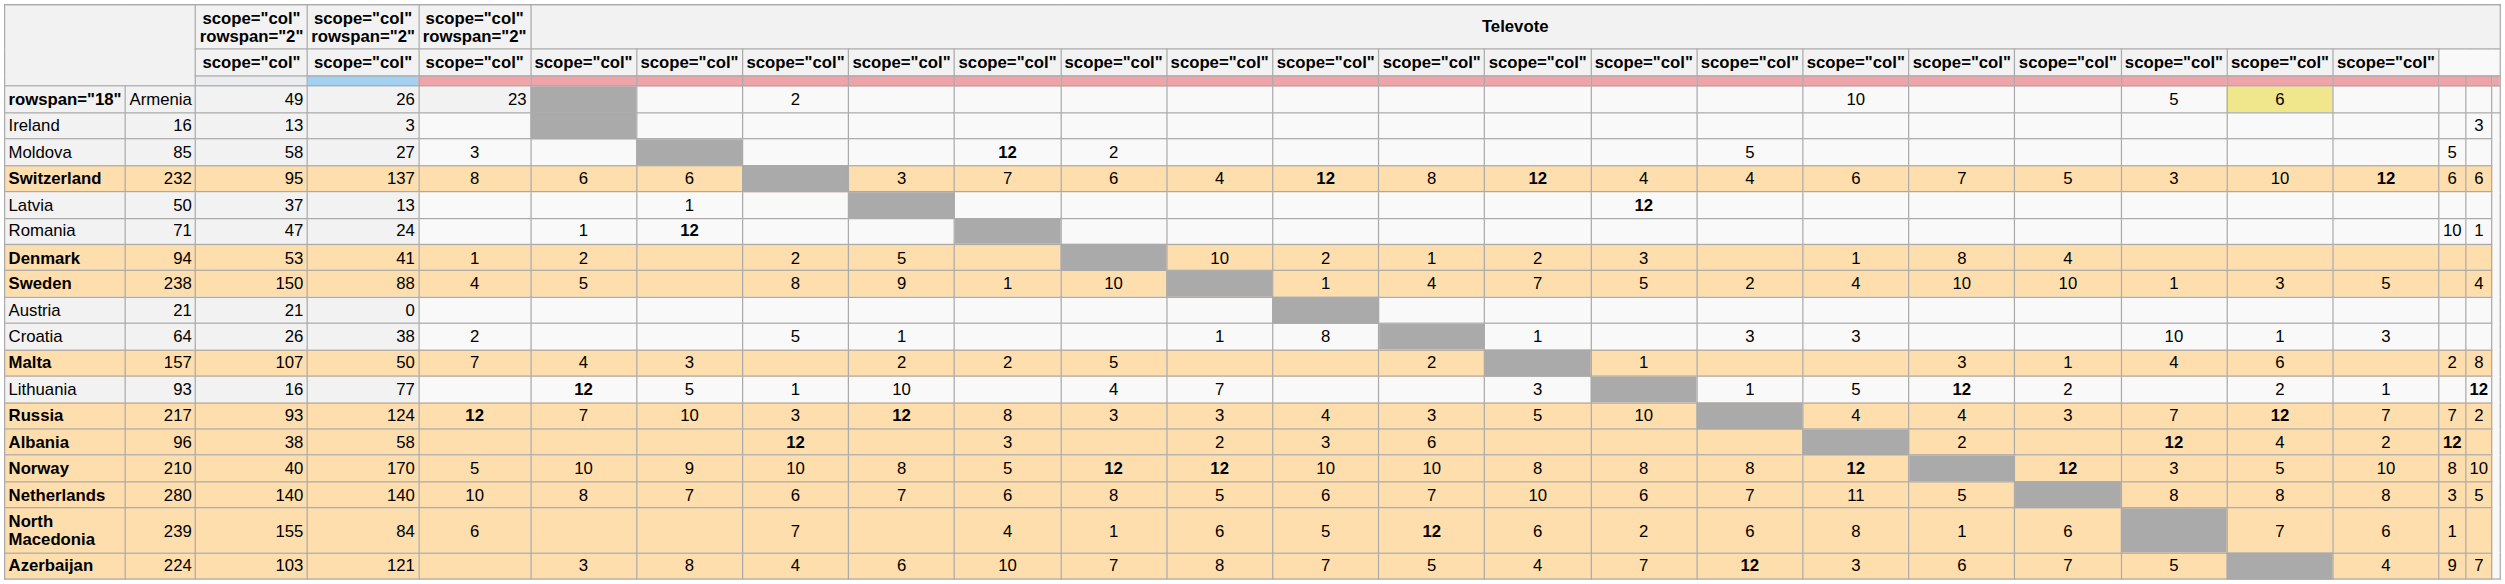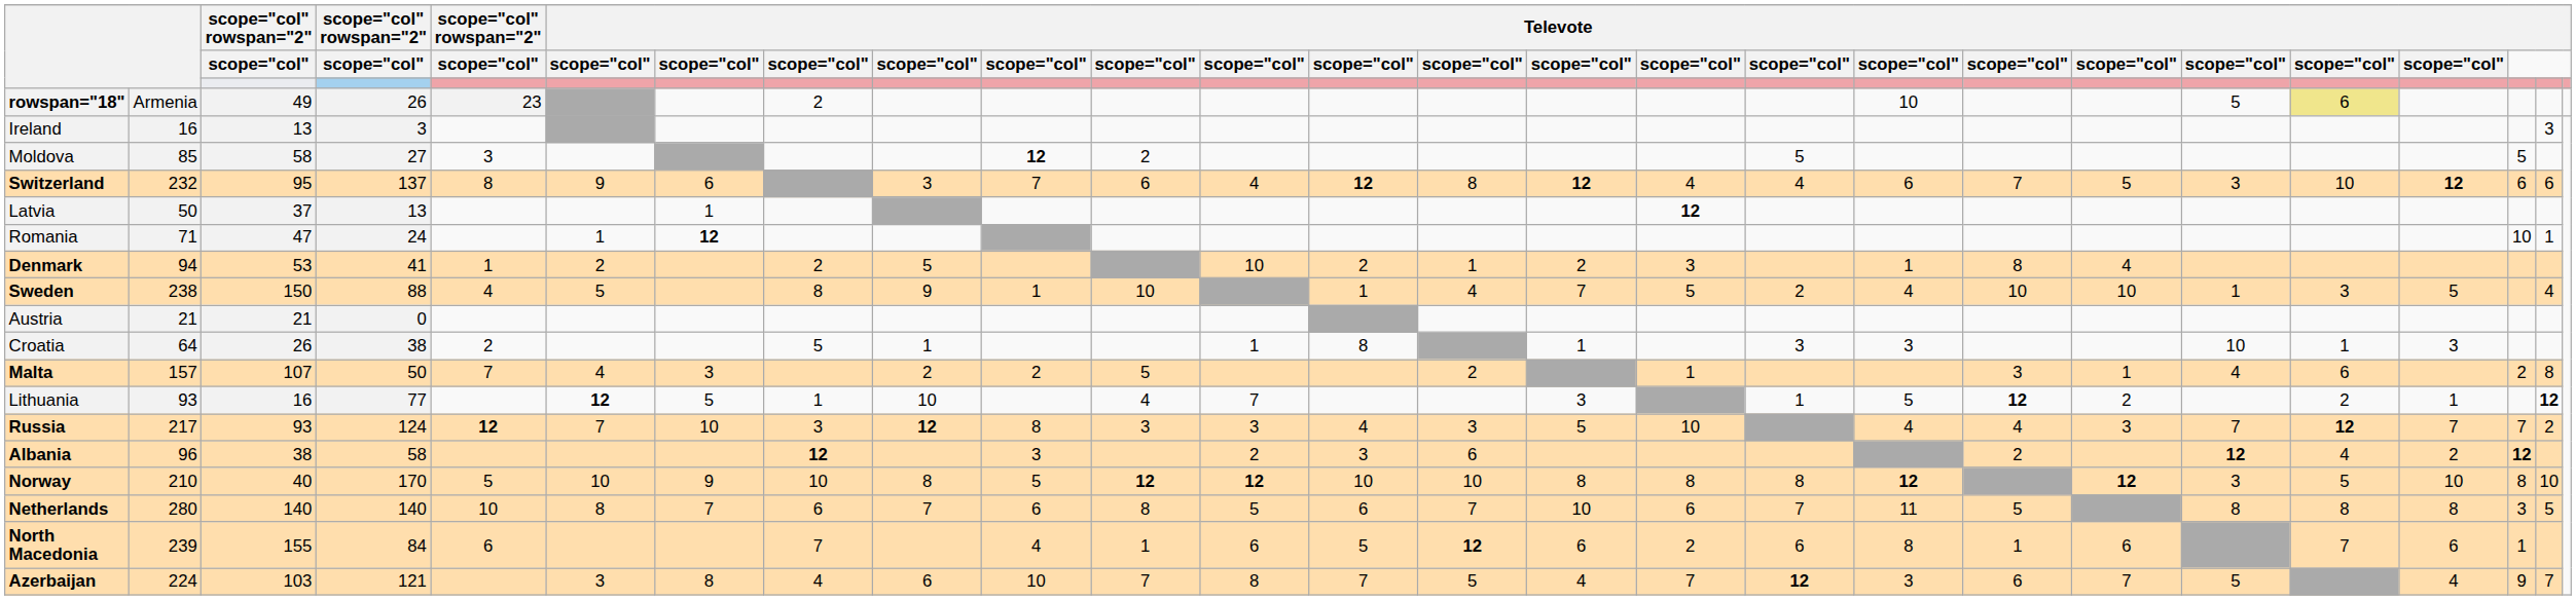 <table class="wikitable plainrowheaders" style="text-align:center; font-size:85%;">
 <tr>
 </tr>
 <tr>
 <td colspan="2" rowspan="3" style="background: #F2F2F2;"></td>
 <th>scope="col" rowspan="2" </th>
 <th>scope="col" rowspan="2" </th>
 <th>scope="col" rowspan="2" </th>
 <th scope="col" colspan="21">Televote</th>
 </tr>
 <tr>
 <th>scope="col" </th>
 <th>scope="col" </th>
 <th>scope="col" </th>
 <th>scope="col" </th>
 <th>scope="col" </th>
 <th>scope="col" </th>
 <th>scope="col" </th>
 <th>scope="col" </th>
 <th>scope="col" </th>
 <th>scope="col" </th>
 <th>scope="col" </th>
 <th>scope="col" </th>
 <th>scope="col" </th>
 <th>scope="col" </th>
 <th>scope="col" </th>
 <th>scope="col" </th>
 <th>scope="col" </th>
 <th>scope="col" </th>
 <th>scope="col" </th>
 <th>scope="col" </th>
 <th>scope="col" </th>
 </tr>
 <tr>
 <td style="height:2px; background:#eaecf0; border-top:1px solid transparent;"></td>
 <td style="background:#A4D1EF;"></td>
 <td style="background:#EFA4A9;"></td>
 <th style="background:#EFA4A9;"></th>
 <th style="background:#EFA4A9;"></th>
 <th style="background:#EFA4A9;"></th>
 <th style="background:#EFA4A9;"></th>
 <th style="background:#EFA4A9;"></th>
 <th style="background:#EFA4A9;"></th>
 <th style="background:#EFA4A9;"></th>
 <th style="background:#EFA4A9;"></th>
 <th style="background:#EFA4A9;"></th>
 <th style="background:#EFA4A9;"></th>
 <th style="background:#EFA4A9;"></th>
 <th style="background:#EFA4A9;"></th>
 <th style="background:#EFA4A9;"></th>
 <th style="background:#EFA4A9;"></th>
 <th style="background:#EFA4A9;"></th>
 <th style="background:#EFA4A9;"></th>
 <th style="background:#EFA4A9;"></th>
 <th style="background:#EFA4A9;"></th>
 <th style="background:#EFA4A9;"></th>
 <th style="background:#EFA4A9;"></th>
 <th style="background:#EFA4A9;"></th>
 </tr>
 <tr>
 <th>rowspan="18" </th>
 <td scope="row" style="text-align:left; background:#f2f2f2;">Armenia</td>
 <td style="text-align:right; background:#f2f2f2;">49</td>
 <td style="text-align:right; background:#f2f2f2;">26</td>
 <td style="text-align:right; background:#f2f2f2;">23</td>
 <td style="text-align:left; background:#aaa;"></td>
 <td></td>
 <td>2</td>
 <td></td>
 <td></td>
 <td></td>
 <td></td>
 <td></td>
 <td></td>
 <td></td>
 <td></td>
 <td></td>
 <td>10</td>
 <td></td>
 <td></td>
 <td>5</td>
 <td style="background: khaki;">6</td>
 <td></td>
 <td></td>
 <td></td>
 <td></td>
 </tr>
 <tr>
 <td scope="row" style="text-align:left; background:#f2f2f2;">Ireland</td>
 <td style="text-align:right; background:#f2f2f2;">16</td>
 <td style="text-align:right; background:#f2f2f2;">13</td>
 <td style="text-align:right; background:#f2f2f2;">3</td>
 <td></td>
 <td style="text-align:left; background:#aaa;"></td>
 <td></td>
 <td></td>
 <td></td>
 <td></td>
 <td></td>
 <td></td>
 <td></td>
 <td></td>
 <td></td>
 <td></td>
 <td></td>
 <td></td>
 <td></td>
 <td></td>
 <td></td>
 <td></td>
 <td></td>
 <td></td>
 <td>3</td>
 </tr>
 <tr>
 <td scope="row" style="text-align:left; background:#f2f2f2;">Moldova</td>
 <td style="text-align:right; background:#f2f2f2;">85</td>
 <td style="text-align:right; background:#f2f2f2;">58</td>
 <td style="text-align:right; background:#f2f2f2;">27</td>
 <td>3</td>
 <td></td>
 <td style="text-align:left; background:#aaa;"></td>
 <td></td>
 <td></td>
 <td><strong>12</strong></td>
 <td>2</td>
 <td></td>
 <td></td>
 <td></td>
 <td></td>
 <td></td>
 <td>5</td>
 <td></td>
 <td></td>
 <td></td>
 <td></td>
 <td></td>
 <td></td>
 <td>5</td>
 <td></td>
 </tr>
 <tr style="background:#ffdead;">
 <td scope="row" style="text-align:left; font-weight:bold; background:#ffdead;">Switzerland</td>
 <td style="text-align:right;">232</td>
 <td style="text-align:right;">95</td>
 <td style="text-align:right;">137</td>
 <td>8</td>
-<td>6</td>
+<td>9</td>
 <td>6</td>
 <td style="text-align:left; background:#aaa;"></td>
 <td>3</td>
 <td>7</td>
 <td>6</td>
 <td>4</td>
 <td><strong>12</strong></td>
 <td>8</td>
 <td><strong>12</strong></td>
 <td>4</td>
 <td>4</td>
 <td>6</td>
 <td>7</td>
 <td>5</td>
 <td>3</td>
 <td>10</td>
 <td><strong>12</strong></td>
 <td>6</td>
 <td>6</td>
 </tr>
 <tr>
 <td scope="row" style="text-align:left; background:#f2f2f2;">Latvia</td>
 <td style="text-align:right; background:#f2f2f2;">50</td>
 <td style="text-align:right; background:#f2f2f2;">37</td>
 <td style="text-align:right; background:#f2f2f2;">13</td>
 <td></td>
 <td></td>
 <td>1</td>
 <td></td>
 <td style="text-align:left; background:#aaa;"></td>
 <td></td>
 <td></td>
 <td></td>
 <td></td>
 <td></td>
 <td></td>
 <td><strong>12</strong></td>
 <td></td>
 <td></td>
 <td></td>
 <td></td>
 <td></td>
 <td></td>
 <td></td>
 <td></td>
 <td></td>
 </tr>
 <tr>
 <td scope="row" style="text-align:left; background:#f2f2f2;">Romania</td>
 <td style="text-align:right; background:#f2f2f2;">71</td>
 <td style="text-align:right; background:#f2f2f2;">47</td>
 <td style="text-align:right; background:#f2f2f2;">24</td>
 <td></td>
 <td>1</td>
 <td><strong>12</strong></td>
 <td></td>
 <td></td>
 <td style="text-align:left; background:#aaa;"></td>
 <td></td>
 <td></td>
 <td></td>
 <td></td>
 <td></td>
 <td></td>
 <td></td>
 <td></td>
 <td></td>
 <td></td>
 <td></td>
 <td></td>
 <td></td>
 <td>10</td>
 <td>1</td>
 </tr>
 <tr style="background:#ffdead;">
 <td scope="row" style="text-align:left; font-weight:bold; background:#ffdead;">Denmark</td>
 <td style="text-align:right;">94</td>
 <td style="text-align:right;">53</td>
 <td style="text-align:right;">41</td>
 <td>1</td>
 <td>2</td>
 <td></td>
 <td>2</td>
 <td>5</td>
 <td></td>
 <td style="text-align:left; background:#aaa;"></td>
 <td>10</td>
 <td>2</td>
 <td>1</td>
 <td>2</td>
 <td>3</td>
 <td></td>
 <td>1</td>
 <td>8</td>
 <td>4</td>
 <td></td>
 <td></td>
 <td></td>
 <td></td>
 <td></td>
 </tr>
 <tr style="background:#ffdead;">
 <td scope="row" style="text-align:left; font-weight:bold; background:#ffdead;">Sweden</td>
 <td style="text-align:right;">238</td>
 <td style="text-align:right;">150</td>
 <td style="text-align:right;">88</td>
 <td>4</td>
 <td>5</td>
 <td></td>
 <td>8</td>
 <td>9</td>
 <td>1</td>
 <td>10</td>
 <td style="text-align:left; background:#aaa;"></td>
 <td>1</td>
 <td>4</td>
 <td>7</td>
 <td>5</td>
 <td>2</td>
 <td>4</td>
 <td>10</td>
 <td>10</td>
 <td>1</td>
 <td>3</td>
 <td>5</td>
 <td></td>
 <td>4</td>
 </tr>
 <tr>
 <td scope="row" style="text-align:left; background:#f2f2f2;">Austria</td>
 <td style="text-align:right; background:#f2f2f2;">21</td>
 <td style="text-align:right; background:#f2f2f2;">21</td>
 <td style="text-align:right; background:#f2f2f2;">0</td>
 <td></td>
 <td></td>
 <td></td>
 <td></td>
 <td></td>
 <td></td>
 <td></td>
 <td></td>
 <td style="text-align:left; background:#aaa;"></td>
 <td></td>
 <td></td>
 <td></td>
 <td></td>
 <td></td>
 <td></td>
 <td></td>
 <td></td>
 <td></td>
 <td></td>
 <td></td>
 <td></td>
 </tr>
 <tr>
 <td scope="row" style="text-align:left; background:#f2f2f2;">Croatia</td>
 <td style="text-align:right; background:#f2f2f2;">64</td>
 <td style="text-align:right; background:#f2f2f2;">26</td>
 <td style="text-align:right; background:#f2f2f2;">38</td>
 <td>2</td>
 <td></td>
 <td></td>
 <td>5</td>
 <td>1</td>
 <td></td>
 <td></td>
 <td>1</td>
 <td>8</td>
 <td style="text-align:left; background:#aaa;"></td>
 <td>1</td>
 <td></td>
 <td>3</td>
 <td>3</td>
 <td></td>
 <td></td>
 <td>10</td>
 <td>1</td>
 <td>3</td>
 <td></td>
 <td></td>
 </tr>
 <tr style="background:#ffdead;">
 <td scope="row" style="text-align:left; font-weight:bold; background:#ffdead;">Malta</td>
 <td style="text-align:right;">157</td>
 <td style="text-align:right;">107</td>
 <td style="text-align:right;">50</td>
 <td>7</td>
 <td>4</td>
 <td>3</td>
 <td></td>
 <td>2</td>
 <td>2</td>
 <td>5</td>
 <td></td>
 <td></td>
 <td>2</td>
 <td style="text-align:left; background:#aaa;"></td>
 <td>1</td>
 <td></td>
 <td></td>
 <td>3</td>
 <td>1</td>
 <td>4</td>
 <td>6</td>
 <td></td>
 <td>2</td>
 <td>8</td>
 </tr>
 <tr>
 <td scope="row" style="text-align:left; background:#f2f2f2;">Lithuania</td>
 <td style="text-align:right; background:#f2f2f2;">93</td>
 <td style="text-align:right; background:#f2f2f2;">16</td>
 <td style="text-align:right; background:#f2f2f2;">77</td>
 <td></td>
 <td><strong>12</strong></td>
 <td>5</td>
 <td>1</td>
 <td>10</td>
 <td></td>
 <td>4</td>
 <td>7</td>
 <td></td>
 <td></td>
 <td>3</td>
 <td style="text-align:left; background:#aaa;"></td>
 <td>1</td>
 <td>5</td>
 <td><strong>12</strong></td>
 <td>2</td>
 <td></td>
 <td>2</td>
 <td>1</td>
 <td></td>
 <td><strong>12</strong></td>
 </tr>
 <tr style="background:#ffdead;">
 <td scope="row" style="text-align:left; font-weight:bold; background:#ffdead;">Russia</td>
 <td style="text-align:right;">217</td>
 <td style="text-align:right;">93</td>
 <td style="text-align:right;">124</td>
 <td><strong>12</strong></td>
 <td>7</td>
 <td>10</td>
 <td>3</td>
 <td><strong>12</strong></td>
 <td>8</td>
 <td>3</td>
 <td>3</td>
 <td>4</td>
 <td>3</td>
 <td>5</td>
 <td>10</td>
 <td style="text-align:left; background:#aaa;"></td>
 <td>4</td>
 <td>4</td>
 <td>3</td>
 <td>7</td>
 <td><strong>12</strong></td>
 <td>7</td>
 <td>7</td>
 <td>2</td>
 </tr>
 <tr style="background:#ffdead;">
 <td scope="row" style="text-align:left; font-weight:bold; background:#ffdead;">Albania</td>
 <td style="text-align:right;">96</td>
 <td style="text-align:right;">38</td>
 <td style="text-align:right;">58</td>
 <td></td>
 <td></td>
 <td></td>
 <td><strong>12</strong></td>
 <td></td>
 <td>3</td>
 <td></td>
 <td>2</td>
 <td>3</td>
 <td>6</td>
 <td></td>
 <td></td>
 <td></td>
 <td style="text-align:left; background:#aaa;"></td>
 <td>2</td>
 <td></td>
 <td><strong>12</strong></td>
 <td>4</td>
 <td>2</td>
 <td><strong>12</strong></td>
 <td></td>
 </tr>
 <tr style="background:#ffdead;">
 <td scope="row" style="text-align:left; font-weight:bold; background:#ffdead;">Norway</td>
 <td style="text-align:right;">210</td>
 <td style="text-align:right;">40</td>
 <td style="text-align:right;">170</td>
 <td>5</td>
 <td>10</td>
 <td>9</td>
 <td>10</td>
 <td>8</td>
 <td>5</td>
 <td><strong>12</strong></td>
 <td><strong>12</strong></td>
 <td>10</td>
 <td>10</td>
 <td>8</td>
 <td>8</td>
 <td>8</td>
 <td><strong>12</strong></td>
 <td style="text-align:left; background:#aaa;"></td>
 <td><strong>12</strong></td>
 <td>3</td>
 <td>5</td>
 <td>10</td>
 <td>8</td>
 <td>10</td>
 </tr>
 <tr style="background:#ffdead;">
 <td scope="row" style="text-align:left; font-weight:bold; background:#ffdead;">Netherlands</td>
 <td style="text-align:right;">280</td>
 <td style="text-align:right;">140</td>
 <td style="text-align:right;">140</td>
 <td>10</td>
 <td>8</td>
 <td>7</td>
 <td>6</td>
 <td>7</td>
 <td>6</td>
 <td>8</td>
 <td>5</td>
 <td>6</td>
 <td>7</td>
 <td>10</td>
 <td>6</td>
 <td>7</td>
 <td>11</td>
 <td>5</td>
 <td style="text-align:left; background:#aaa;"></td>
 <td>8</td>
 <td>8</td>
 <td>8</td>
 <td>3</td>
 <td>5</td>
 </tr>
 <tr style="background:#ffdead;">
 <td scope="row" style="text-align:left; font-weight:bold; background:#ffdead;">North Macedonia</td>
 <td style="text-align:right;">239</td>
 <td style="text-align:right;">155</td>
 <td style="text-align:right;">84</td>
 <td>6</td>
 <td></td>
 <td></td>
 <td>7</td>
 <td></td>
 <td>4</td>
 <td>1</td>
 <td>6</td>
 <td>5</td>
 <td><strong>12</strong></td>
 <td>6</td>
 <td>2</td>
 <td>6</td>
 <td>8</td>
 <td>1</td>
 <td>6</td>
 <td style="text-align:left; background:#aaa;"></td>
 <td>7</td>
 <td>6</td>
 <td>1</td>
 <td></td>
 </tr>
 <tr style="background:#ffdead;">
 <td scope="row" style="text-align:left; font-weight:bold; background:#ffdead;">Azerbaijan</td>
 <td style="text-align:right;">224</td>
 <td style="text-align:right;">103</td>
 <td style="text-align:right;">121</td>
 <td></td>
 <td>3</td>
 <td>8</td>
 <td>4</td>
 <td>6</td>
 <td>10</td>
 <td>7</td>
 <td>8</td>
 <td>7</td>
 <td>5</td>
 <td>4</td>
 <td>7</td>
 <td><strong>12</strong></td>
 <td>3</td>
 <td>6</td>
 <td>7</td>
 <td>5</td>
 <td style="text-align:left; background:#aaa;"></td>
 <td>4</td>
 <td>9</td>
 <td>7</td>
 </tr>
 </table>
